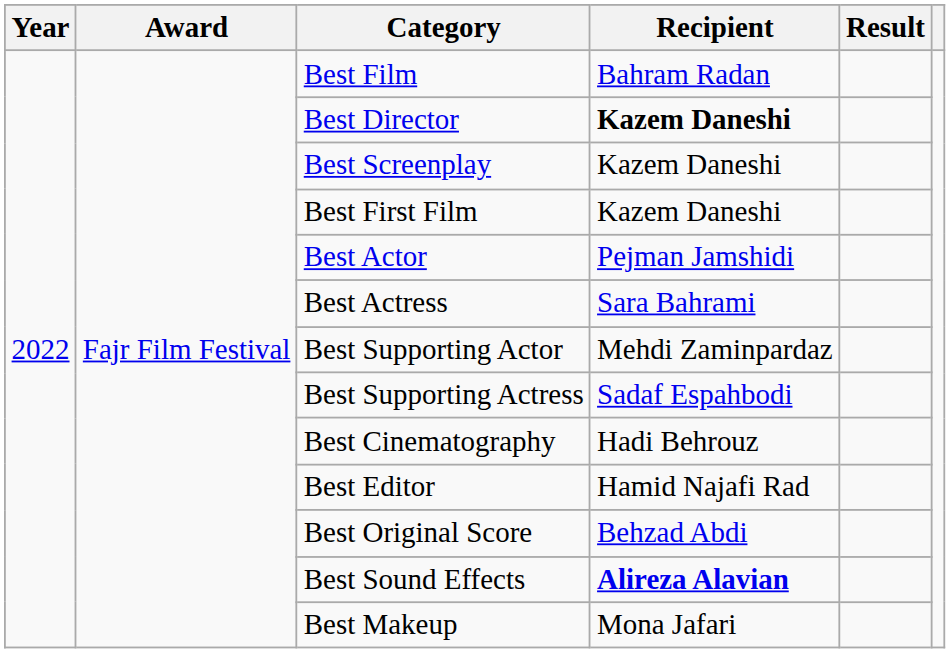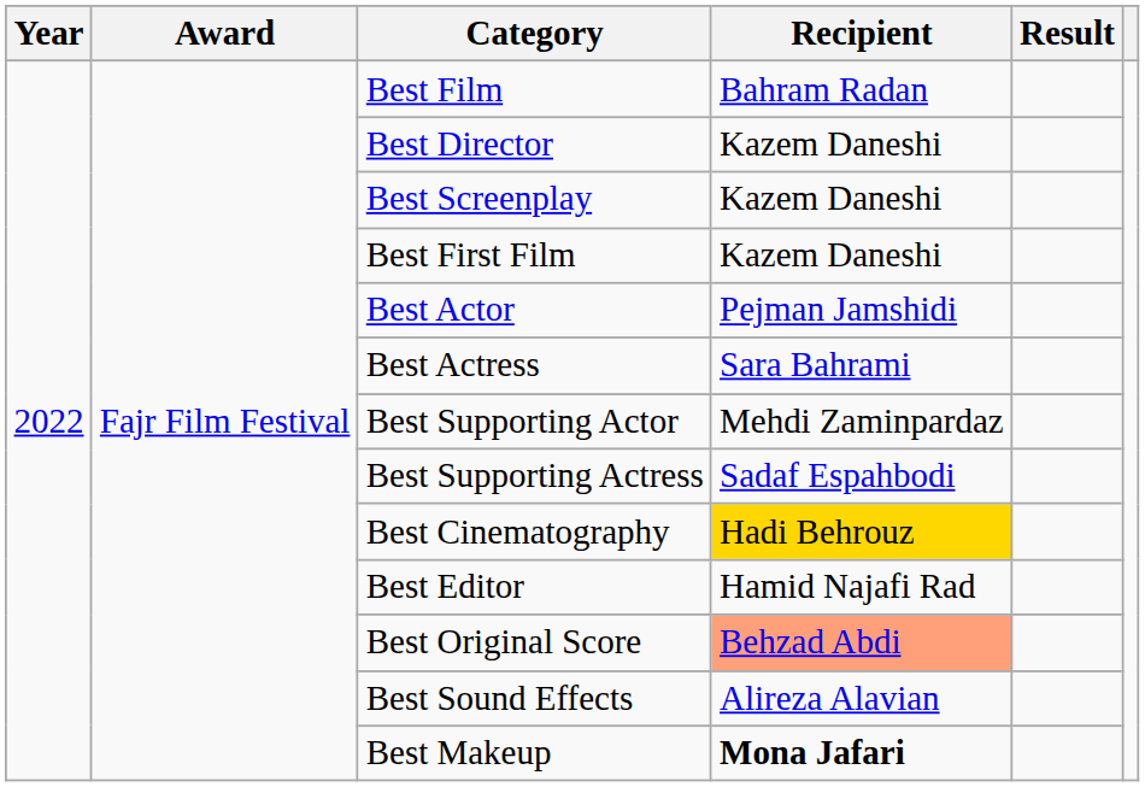 <table class="wikitable">
 <tr>
 <th>Year</th>
 <th>Award</th>
 <th>Category</th>
 <th>Recipient</th>
 <th>Result</th>
 <th></th>
 </tr>
 <tr>
 <td rowspan="13"><a href='#'>2022</a></td>
 <td rowspan="13"><a href='#'>Fajr Film Festival</a></td>
 <td><a href='#'>Best Film</a></td>
 <td><a href='#'>Bahram Radan</a></td>
 <td></td>
 <td rowspan="13"></td>
 </tr>
 <tr>
 <td><a href='#'>Best Director</a></td>
-<td><strong>Kazem Daneshi</strong></td>
+<td>Kazem Daneshi</td>
 <td></td>
 </tr>
 <tr>
 <td><a href='#'>Best Screenplay</a></td>
 <td>Kazem Daneshi</td>
 <td></td>
 </tr>
 <tr>
 <td>Best First Film</td>
 <td>Kazem Daneshi</td>
 <td></td>
 </tr>
 <tr>
 <td><a href='#'>Best Actor</a></td>
 <td><a href='#'>Pejman Jamshidi</a></td>
 <td></td>
 </tr>
 <tr>
 <td>Best Actress</td>
 <td><a href='#'>Sara Bahrami</a></td>
 <td></td>
 </tr>
 <tr>
 <td>Best Supporting Actor</td>
 <td>Mehdi Zaminpardaz</td>
 <td></td>
 </tr>
 <tr>
 <td>Best Supporting Actress</td>
 <td><a href='#'>Sadaf Espahbodi</a></td>
 <td></td>
 </tr>
 <tr>
 <td>Best Cinematography</td>
-<td>Hadi Behrouz</td>
+<td style="background: gold;">Hadi Behrouz</td>
 <td></td>
 </tr>
 <tr>
 <td>Best Editor</td>
 <td>Hamid Najafi Rad</td>
 <td></td>
 </tr>
 <tr>
 <td>Best Original Score</td>
-<td><a href='#'>Behzad Abdi</a></td>
+<td style="background: lightsalmon;"><a href='#'>Behzad Abdi</a></td>
 <td></td>
 </tr>
 <tr>
 <td>Best Sound Effects</td>
-<td><strong><a href='#'>Alireza Alavian</a></strong></td>
+<td><a href='#'>Alireza Alavian</a></td>
 <td></td>
 </tr>
 <tr>
 <td>Best Makeup</td>
-<td>Mona Jafari</td>
+<td><strong>Mona Jafari</strong></td>
 <td></td>
 </tr>
 </table>
